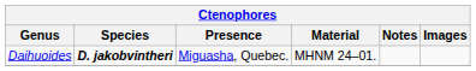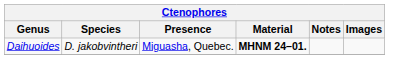 <table class="wikitable" align="center">
 <tr>
 <th colspan="6" align="center"><strong><a href='#'>Ctenophores</a></strong></th>
 </tr>
 <tr>
 <th>Genus</th>
 <th>Species</th>
 <th>Presence</th>
 <th><strong>Material</strong></th>
 <th>Notes</th>
 <th>Images</th>
 </tr>
 <tr>
 <td><em><a href='#'>Daihuoides</a></em></td>
-<td><strong><em>D. jakobvintheri</em></strong></td>
+<td><em>D. jakobvintheri</em></td>
 <td><a href='#'>Miguasha</a>, Quebec.</td>
-<td>MHNM 24–01.</td>
+<td><strong>MHNM 24–01.</strong></td>
 <td></td>
 <td></td>
 </tr>
 <tr>
 </tr>
 </table>
